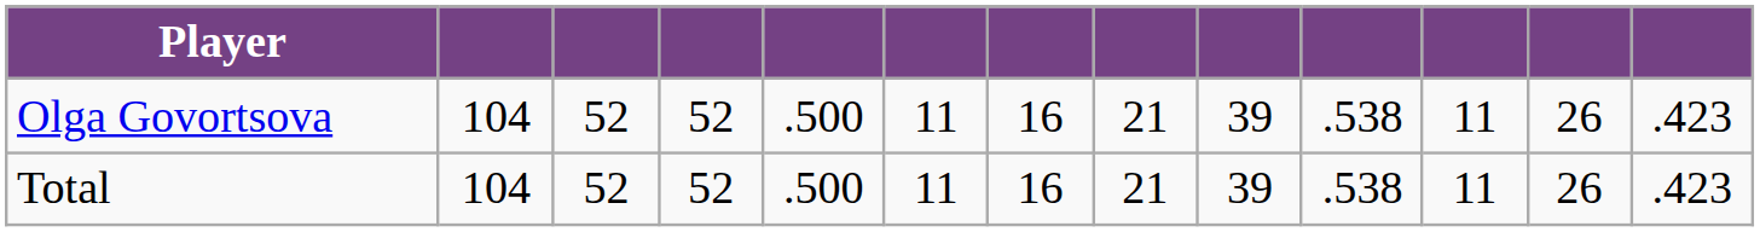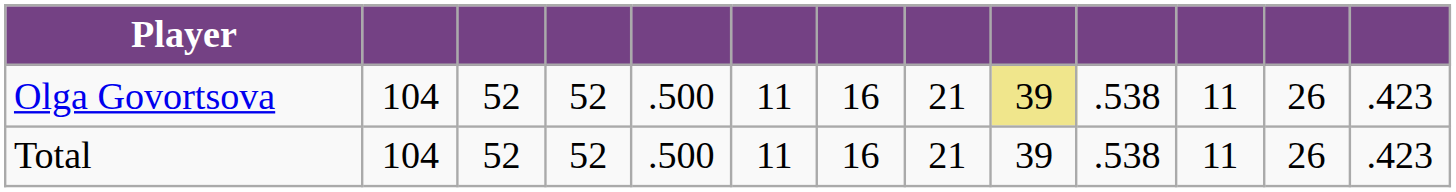 <table class="wikitable" style="text-align:center">
 <tr>
 <th style="background:#744184; color:white" width="200px">Player</th>
 <th style="background:#744184; color:white" width="40px"></th>
 <th style="background:#744184; color:white" width="40px"></th>
 <th style="background:#744184; color:white" width="40px"></th>
 <th style="background:#744184; color:white" width="40px"></th>
 <th style="background:#744184; color:white" width="40px"></th>
 <th style="background:#744184; color:white" width="40px"></th>
 <th style="background:#744184; color:white" width="40px"></th>
 <th style="background:#744184; color:white" width="40px"></th>
 <th style="background:#744184; color:white" width="40px"></th>
 <th style="background:#744184; color:white" width="40px"></th>
 <th style="background:#744184; color:white" width="40px"></th>
 <th style="background:#744184; color:white" width="40px"></th>
 </tr>
 <tr>
 <td style="text-align:left"><a href='#'>Olga Govortsova</a></td>
 <td>104</td>
 <td>52</td>
 <td>52</td>
 <td>.500</td>
 <td>11</td>
 <td>16</td>
 <td>21</td>
-<td>39</td>
+<td style="background: khaki;">39</td>
 <td>.538</td>
 <td>11</td>
 <td>26</td>
 <td>.423</td>
 </tr>
 <tr>
 <td style="text-align:left">Total</td>
 <td>104</td>
 <td>52</td>
 <td>52</td>
 <td>.500</td>
 <td>11</td>
 <td>16</td>
 <td>21</td>
 <td>39</td>
 <td>.538</td>
 <td>11</td>
 <td>26</td>
 <td>.423</td>
 </tr>
 </table>
